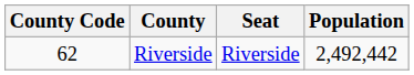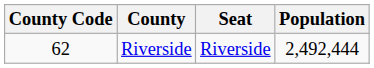 <table class="wikitable sortable" style="text-align:center;">
 <tr>
 <th> County Code</th>
 <th>County</th>
 <th>Seat</th>
 <th>Population</th>
 </tr>
 <tr>
 <td>62</td>
 <td><a href='#'>Riverside</a></td>
 <td><a href='#'>Riverside</a></td>
-<td>2,492,442</td>
+<td>2,492,444</td>
 </tr>
 </table>
